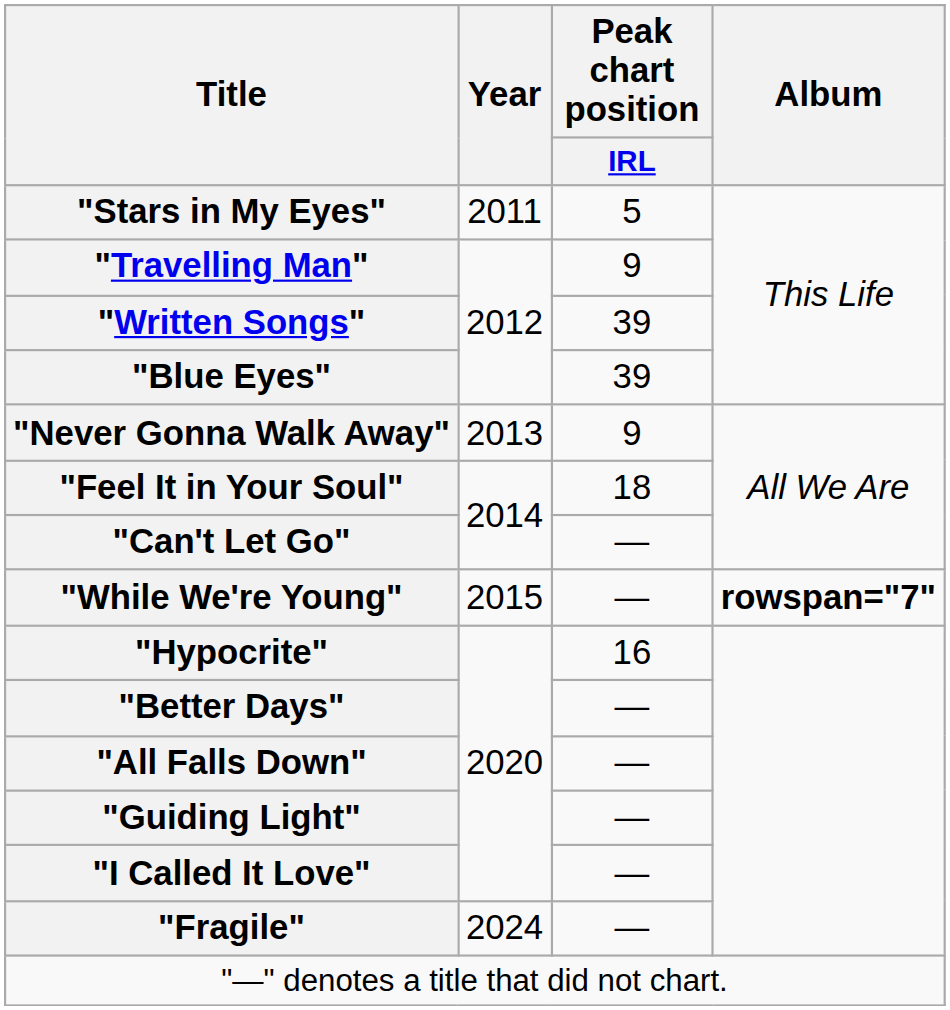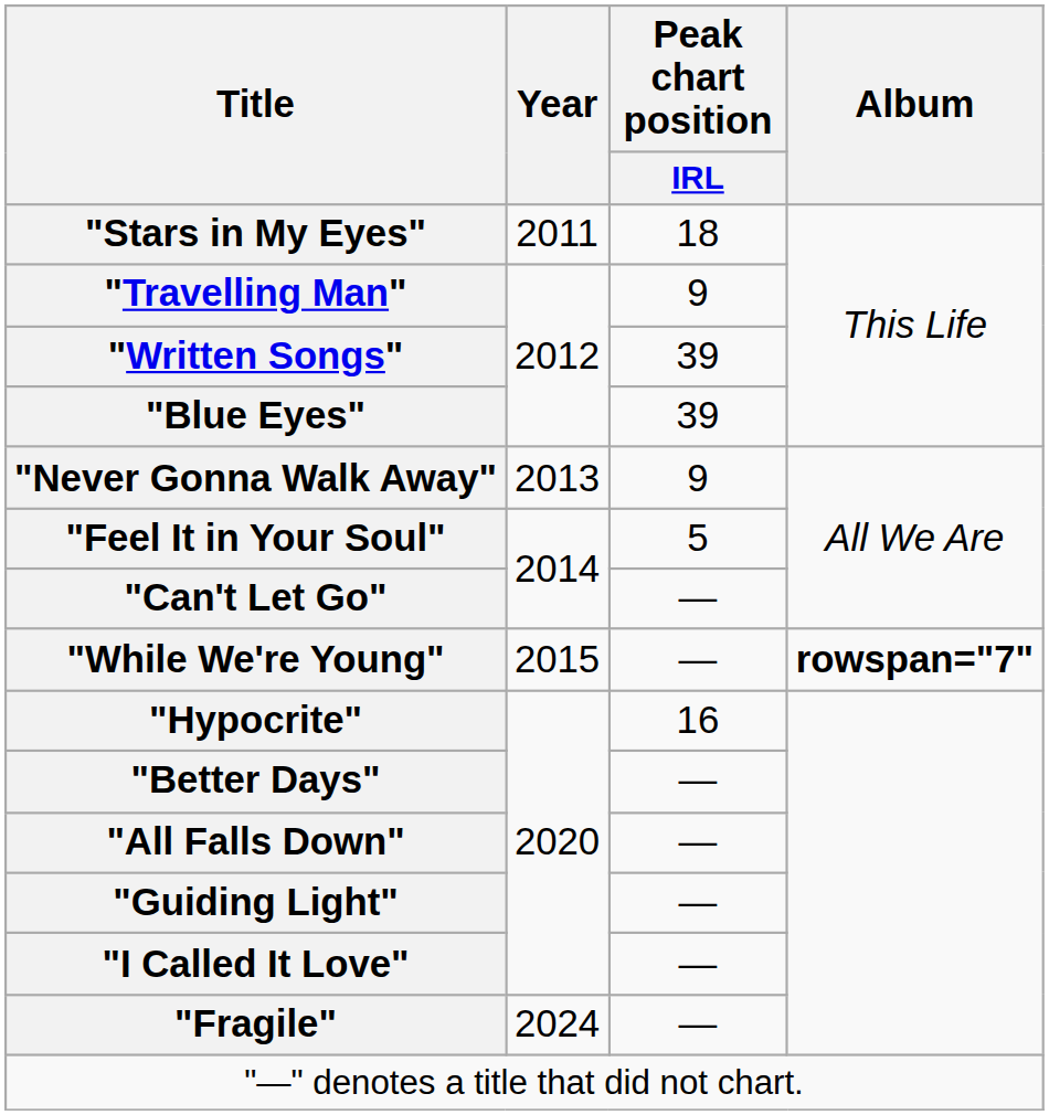 <table class="wikitable plainrowheaders" style="text-align:center;">
 <tr>
 <th rowspan=2>Title</th>
 <th rowspan=2>Year</th>
 <th>Peak chart position</th>
 <th rowspan="2">Album</th>
 </tr>
 <tr>
 <th style="width:5em;font-size:85%"><a href='#'>IRL</a><br></th>
 </tr>
 <tr>
 <th scope="row">"Stars in My Eyes"</th>
 <td>2011</td>
-<td>5</td>
+<td>18</td>
 <td rowspan="4"><em>This Life</em></td>
 </tr>
 <tr>
 <th scope="row">"<a href='#'>Travelling Man</a>"</th>
 <td rowspan="3">2012</td>
 <td>9</td>
 </tr>
 <tr>
 <th scope="row">"<a href='#'>Written Songs</a>"</th>
 <td>39</td>
 </tr>
 <tr>
 <th scope="row">"Blue Eyes"</th>
 <td>39</td>
 </tr>
 <tr>
 <th scope="row">"Never Gonna Walk Away"</th>
 <td>2013</td>
 <td>9</td>
 <td rowspan="3"><em>All We Are</em></td>
 </tr>
 <tr>
 <th scope="row">"Feel It in Your Soul"</th>
 <td rowspan="2">2014</td>
-<td>18</td>
+<td>5</td>
 </tr>
 <tr>
 <th scope="row">"Can't Let Go"</th>
 <td>—</td>
 </tr>
 <tr>
 <th scope="row">"While We're Young"</th>
 <td>2015</td>
 <td>—</td>
 <td><strong>rowspan="7" </strong></td>
 </tr>
 <tr>
 <th scope="row">"Hypocrite"</th>
 <td rowspan="5">2020</td>
 <td>16</td>
 </tr>
 <tr>
 <th scope="row">"Better Days"</th>
 <td>—</td>
 </tr>
 <tr>
 <th scope="row">"All Falls Down"</th>
 <td>—</td>
 </tr>
 <tr>
 <th scope="row">"Guiding Light"</th>
 <td>—</td>
 </tr>
 <tr>
 <th scope="row">"I Called It Love"</th>
 <td>—</td>
 </tr>
 <tr>
 <th scope="row">"Fragile"</th>
 <td>2024</td>
 <td>—</td>
 </tr>
 <tr>
 <td colspan="4" style="font-size:90%">"—" denotes a title that did not chart.</td>
 </tr>
 </table>
